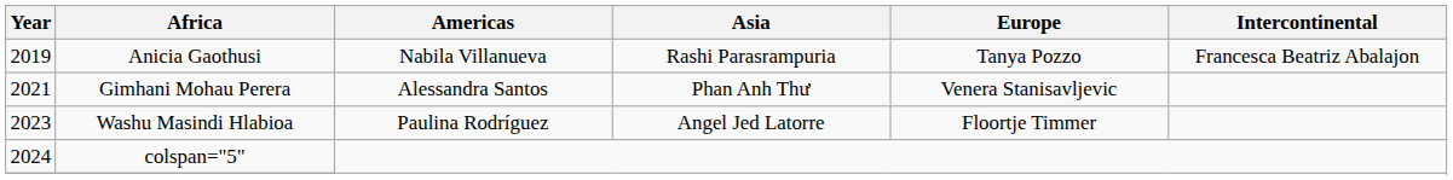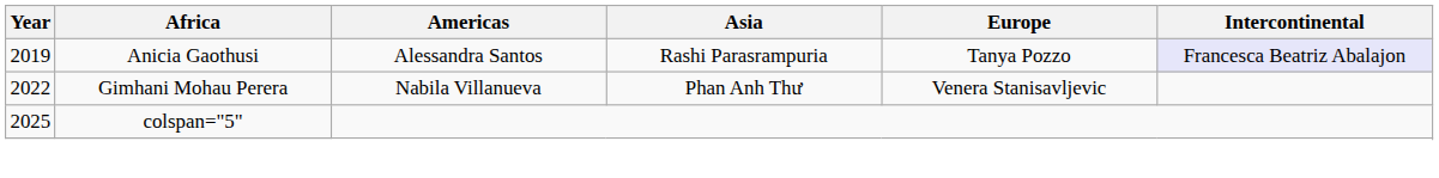 <table class="wikitable sortable" style="font-size:95%; text-align:center">
 <tr>
 <th width="10"><span>Year</span></th>
 <th width="200"><span>Africa</span></th>
 <th width="200"><span>Americas</span></th>
 <th width="200"><span>Asia</span></th>
 <th width="200"><span>Europe</span></th>
 <th width="200"><span>Intercontinental</span></th>
 </tr>
 <tr>
 <td>2019</td>
 <td>Anicia Gaothusi<br></td>
-<td>Nabila Villanueva<br></td>
+<td>Alessandra Santos<br></td>
 <td>Rashi Parasrampuria<br></td>
 <td>Tanya Pozzo<br></td>
-<td>Francesca Beatriz Abalajon<br></td>
+<td style="background: lavender;">Francesca Beatriz Abalajon<br></td>
 </tr>
 <tr>
-<td>2021</td>
+<td>2022</td>
 <td>Gimhani Mohau Perera<br></td>
-<td>Alessandra Santos<br></td>
+<td>Nabila Villanueva<br></td>
 <td>Phan Anh Thư<br></td>
 <td>Venera Stanisavljevic<br></td>
 <td></td>
 </tr>
 <tr>
-<td>2023</td>
-<td>Washu Masindi Hlabioa<br></td>
-<td>Paulina Rodríguez<br></td>
-<td>Angel Jed Latorre<br></td>
-<td>Floortje Timmer<br></td>
-<td></td>
-</tr>
-<tr>
-<td>2024</td>
+<td>2025</td>
 <td>colspan="5" </td>
 </tr>
 <tr>
 </tr>
 </table>
